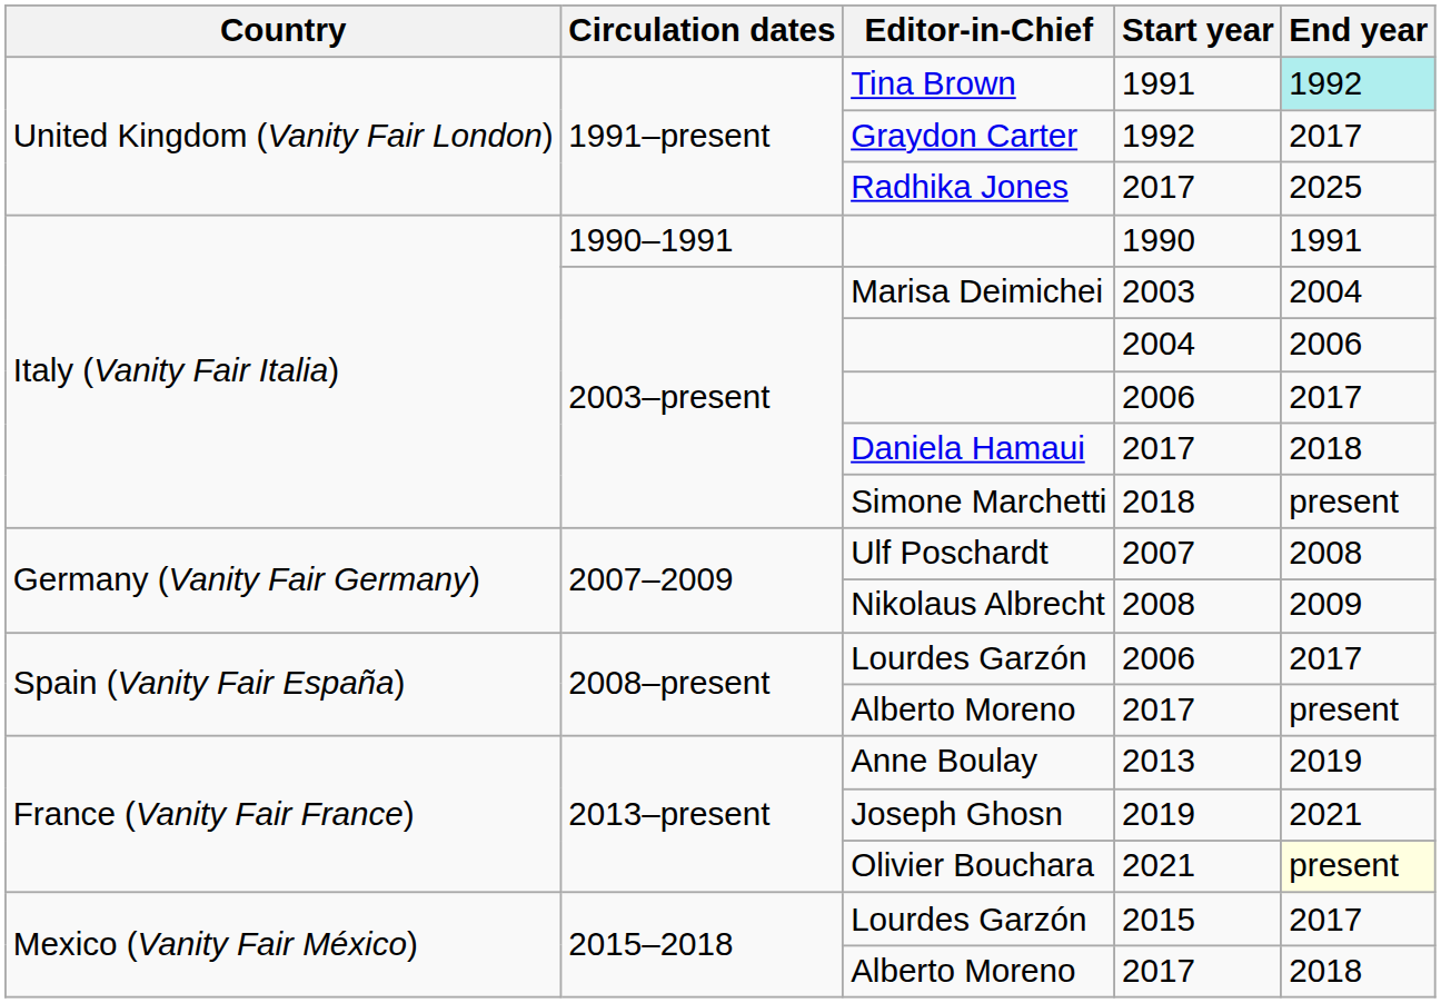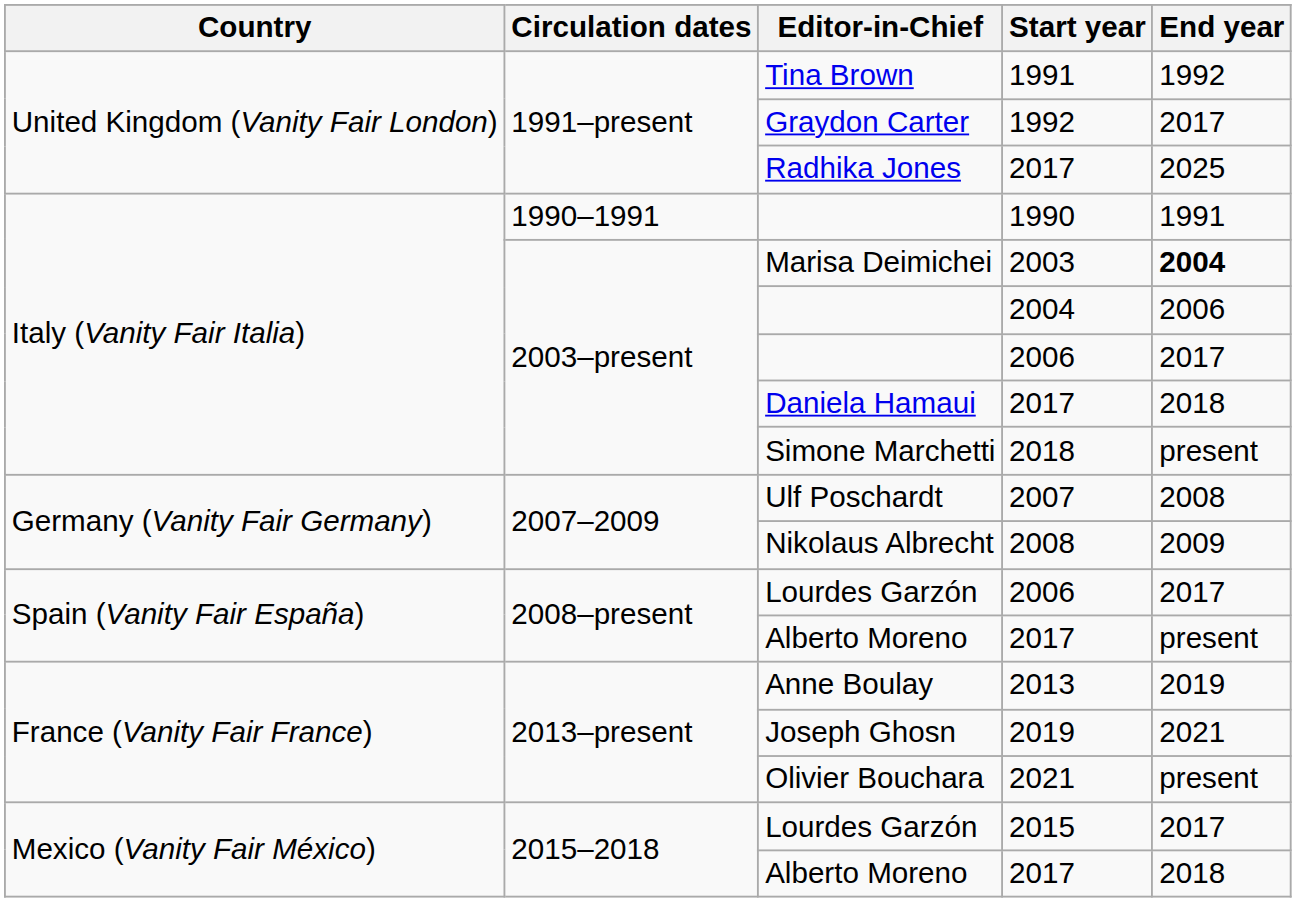 <table class="wikitable">
 <tr>
 <th>Country</th>
 <th>Circulation dates</th>
 <th>Editor-in-Chief</th>
 <th>Start year</th>
 <th>End year</th>
 </tr>
 <tr>
 <td rowspan="3">United Kingdom (<em>Vanity Fair London</em>)</td>
 <td rowspan="3">1991–present</td>
 <td><a href='#'>Tina Brown</a></td>
 <td>1991</td>
-<td style="background: paleturquoise;">1992</td>
+<td>1992</td>
 </tr>
 <tr>
 <td><a href='#'>Graydon Carter</a></td>
 <td>1992</td>
 <td>2017</td>
 </tr>
 <tr>
 <td><a href='#'>Radhika Jones</a></td>
 <td>2017</td>
 <td>2025</td>
 </tr>
 <tr>
 <td rowspan="6">Italy (<em>Vanity Fair Italia</em>)</td>
 <td>1990–1991</td>
 <td></td>
 <td>1990</td>
 <td>1991</td>
 </tr>
 <tr>
 <td rowspan="5">2003–present</td>
 <td>Marisa Deimichei</td>
 <td>2003</td>
-<td>2004</td>
+<td><strong>2004</strong></td>
 </tr>
 <tr>
 <td></td>
 <td>2004</td>
 <td>2006</td>
 </tr>
 <tr>
 <td></td>
 <td>2006</td>
 <td>2017</td>
 </tr>
 <tr>
 <td><a href='#'>Daniela Hamaui</a></td>
 <td>2017</td>
 <td>2018</td>
 </tr>
 <tr>
 <td>Simone Marchetti</td>
 <td>2018</td>
 <td>present</td>
 </tr>
 <tr>
 <td rowspan="2">Germany (<em>Vanity Fair Germany</em>)</td>
 <td rowspan="2">2007–2009</td>
 <td>Ulf Poschardt</td>
 <td>2007</td>
 <td>2008</td>
 </tr>
 <tr>
 <td>Nikolaus Albrecht</td>
 <td>2008</td>
 <td>2009</td>
 </tr>
 <tr>
 <td rowspan="2">Spain (<em>Vanity Fair España</em>)</td>
 <td rowspan="2">2008–present</td>
 <td>Lourdes Garzón</td>
 <td>2006</td>
 <td>2017</td>
 </tr>
 <tr>
 <td>Alberto Moreno</td>
 <td>2017</td>
 <td>present</td>
 </tr>
 <tr>
 <td rowspan="3">France (<em>Vanity Fair France</em>)</td>
 <td rowspan="3">2013–present</td>
 <td>Anne Boulay</td>
 <td>2013</td>
 <td>2019</td>
 </tr>
 <tr>
 <td>Joseph Ghosn</td>
 <td>2019</td>
 <td>2021</td>
 </tr>
 <tr>
 <td>Olivier Bouchara</td>
 <td>2021</td>
-<td style="background: lightyellow;">present</td>
+<td>present</td>
 </tr>
 <tr>
 <td rowspan="2">Mexico (<em>Vanity Fair México</em>)</td>
 <td rowspan="2">2015–2018</td>
 <td>Lourdes Garzón</td>
 <td>2015</td>
 <td>2017</td>
 </tr>
 <tr>
 <td>Alberto Moreno</td>
 <td>2017</td>
 <td>2018</td>
 </tr>
 </table>
